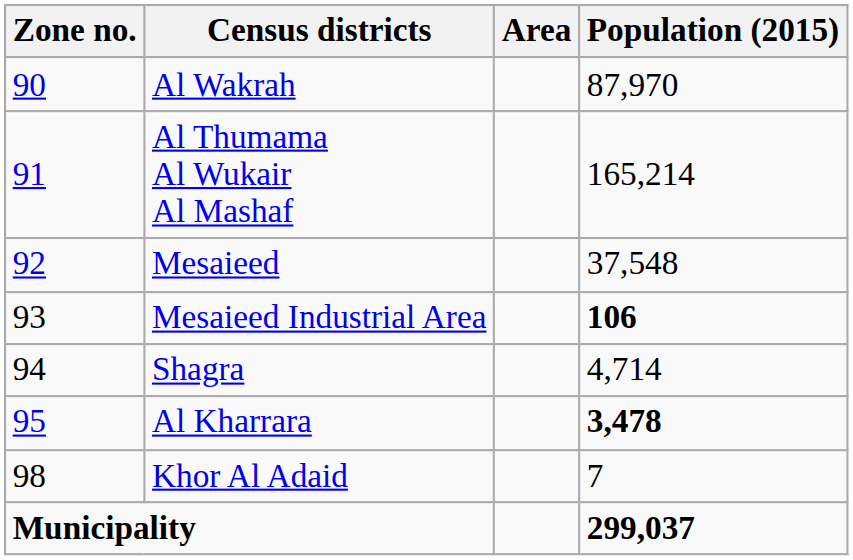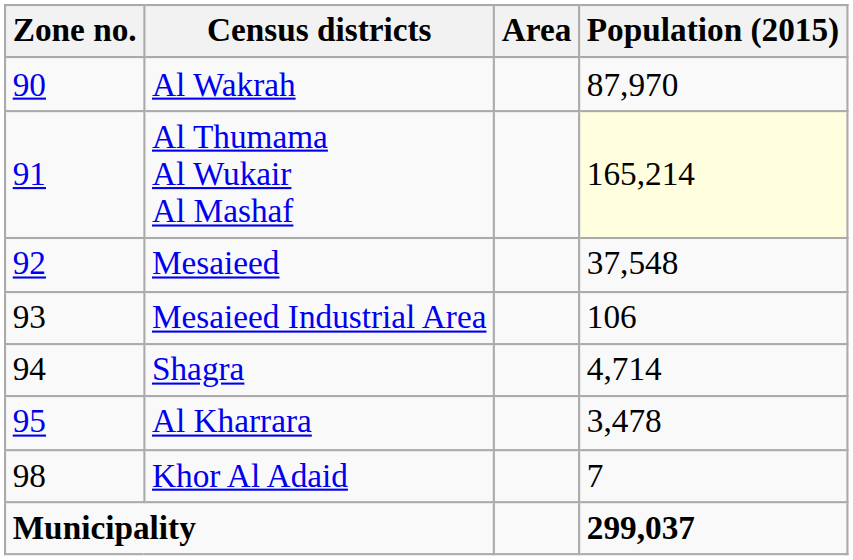 <table class="wikitable">
 <tr>
 <th>Zone no.</th>
 <th>Census districts</th>
 <th>Area</th>
 <th>Population (2015)</th>
 </tr>
 <tr>
 <td><a href='#'>90</a></td>
 <td><a href='#'>Al Wakrah</a></td>
 <td></td>
 <td>87,970</td>
 </tr>
 <tr>
 <td><a href='#'>91</a></td>
 <td><a href='#'>Al Thumama</a> <br> <a href='#'>Al Wukair</a> <br> <a href='#'>Al Mashaf</a></td>
 <td></td>
-<td>165,214</td>
+<td style="background: lightyellow;">165,214</td>
 </tr>
 <tr>
 <td><a href='#'>92</a></td>
 <td><a href='#'>Mesaieed</a></td>
 <td></td>
 <td>37,548</td>
 </tr>
 <tr>
 <td>93</td>
 <td><a href='#'>Mesaieed Industrial Area</a></td>
 <td></td>
-<td><strong>106</strong></td>
+<td>106</td>
 </tr>
 <tr>
 <td>94</td>
 <td><a href='#'>Shagra</a></td>
 <td></td>
 <td>4,714</td>
 </tr>
 <tr>
 <td><a href='#'>95</a></td>
 <td><a href='#'>Al Kharrara</a></td>
 <td></td>
-<td><strong>3,478</strong></td>
+<td>3,478</td>
 </tr>
 <tr>
 <td>98</td>
 <td><a href='#'>Khor Al Adaid</a></td>
 <td></td>
 <td>7</td>
 </tr>
 <tr>
 <td colspan="2"><strong>Municipality</strong></td>
 <td><strong></strong></td>
 <td><strong>299,037</strong></td>
 </tr>
 </table>
